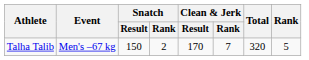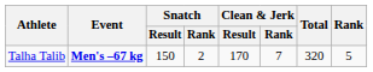 <table class="wikitable" style="font-size:90%">
 <tr>
 <th rowspan="2">Athlete</th>
 <th rowspan="2">Event</th>
 <th colspan="2">Snatch</th>
 <th colspan="2">Clean & Jerk</th>
 <th rowspan="2">Total</th>
 <th rowspan="2">Rank</th>
 </tr>
 <tr style="font-size:95%">
 <th>Result</th>
 <th>Rank</th>
 <th>Result</th>
 <th>Rank</th>
 </tr>
 <tr align=center>
 <td align=left><a href='#'>Talha Talib</a></td>
-<td align=left><a href='#'>Men's –67 kg</a></td>
+<td align=left><strong><a href='#'>Men's –67 kg</a></strong></td>
 <td>150</td>
 <td>2</td>
 <td>170</td>
 <td>7</td>
 <td>320</td>
 <td>5</td>
 </tr>
 </table>
